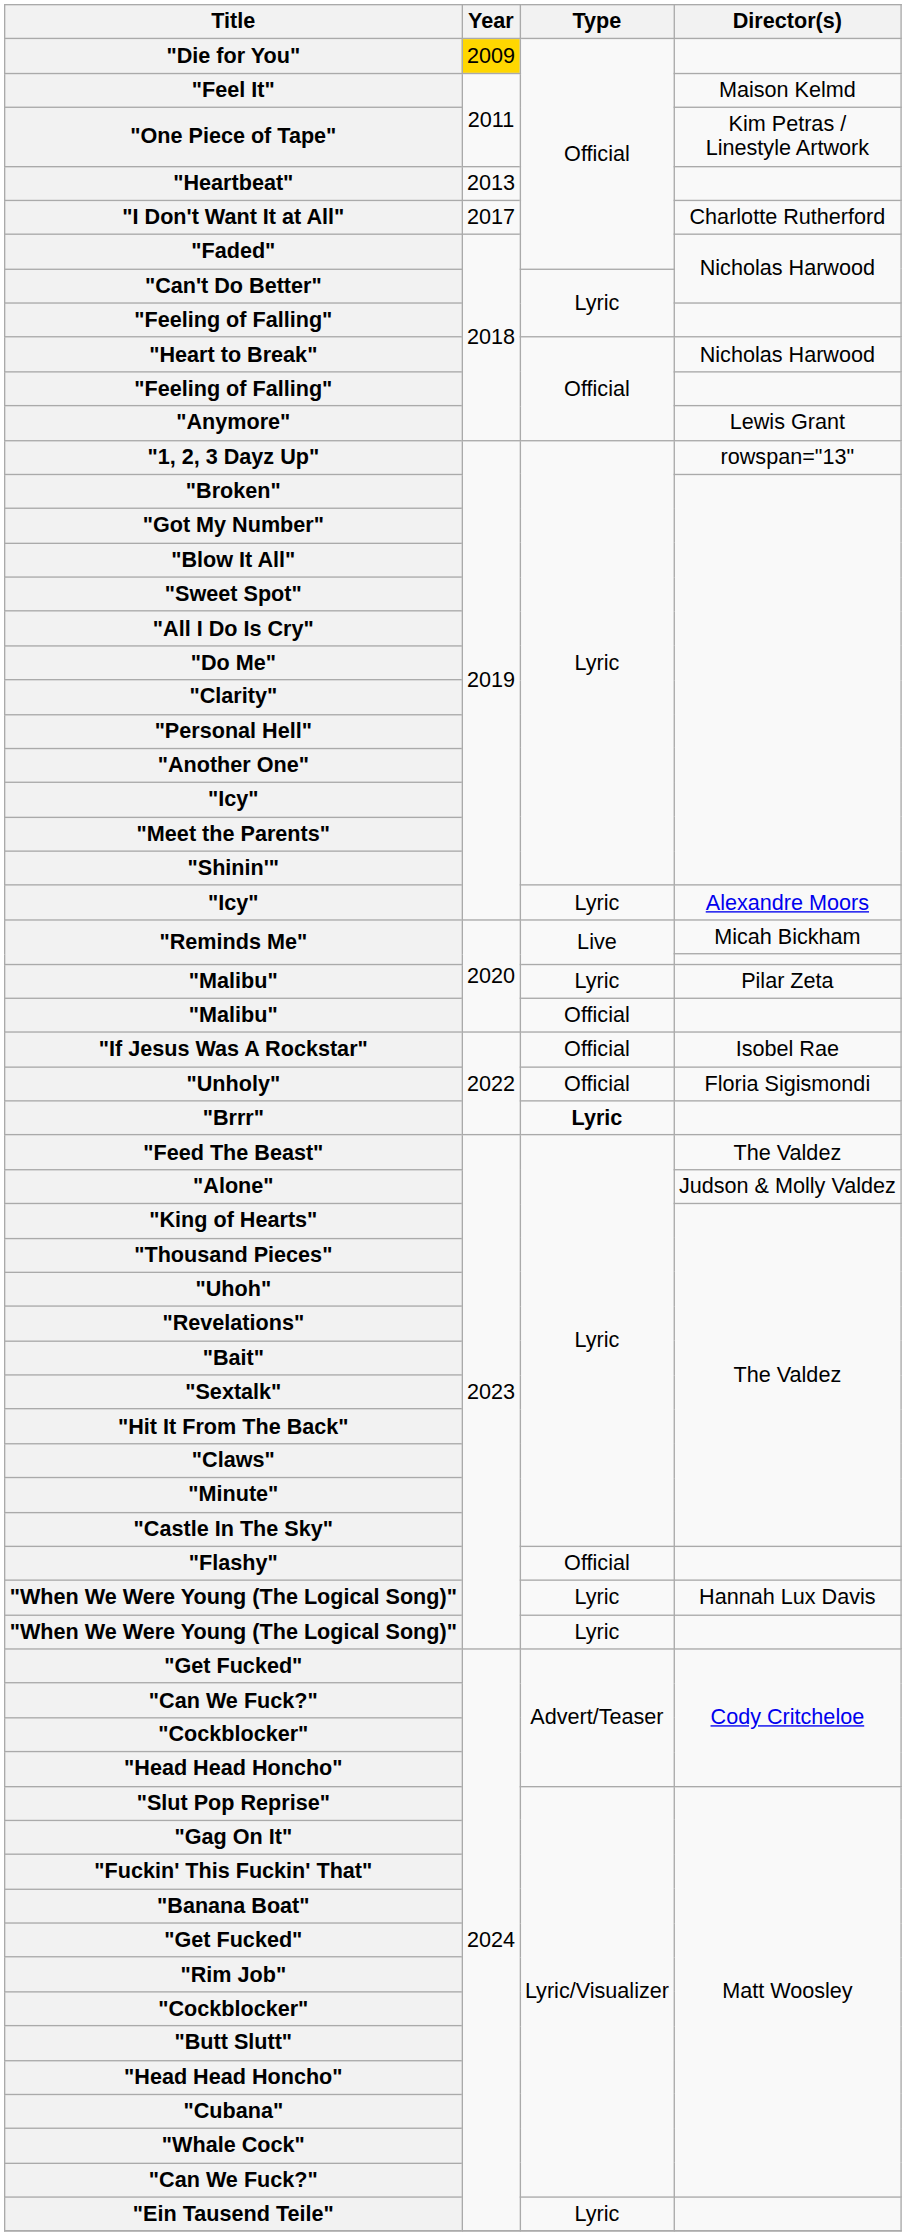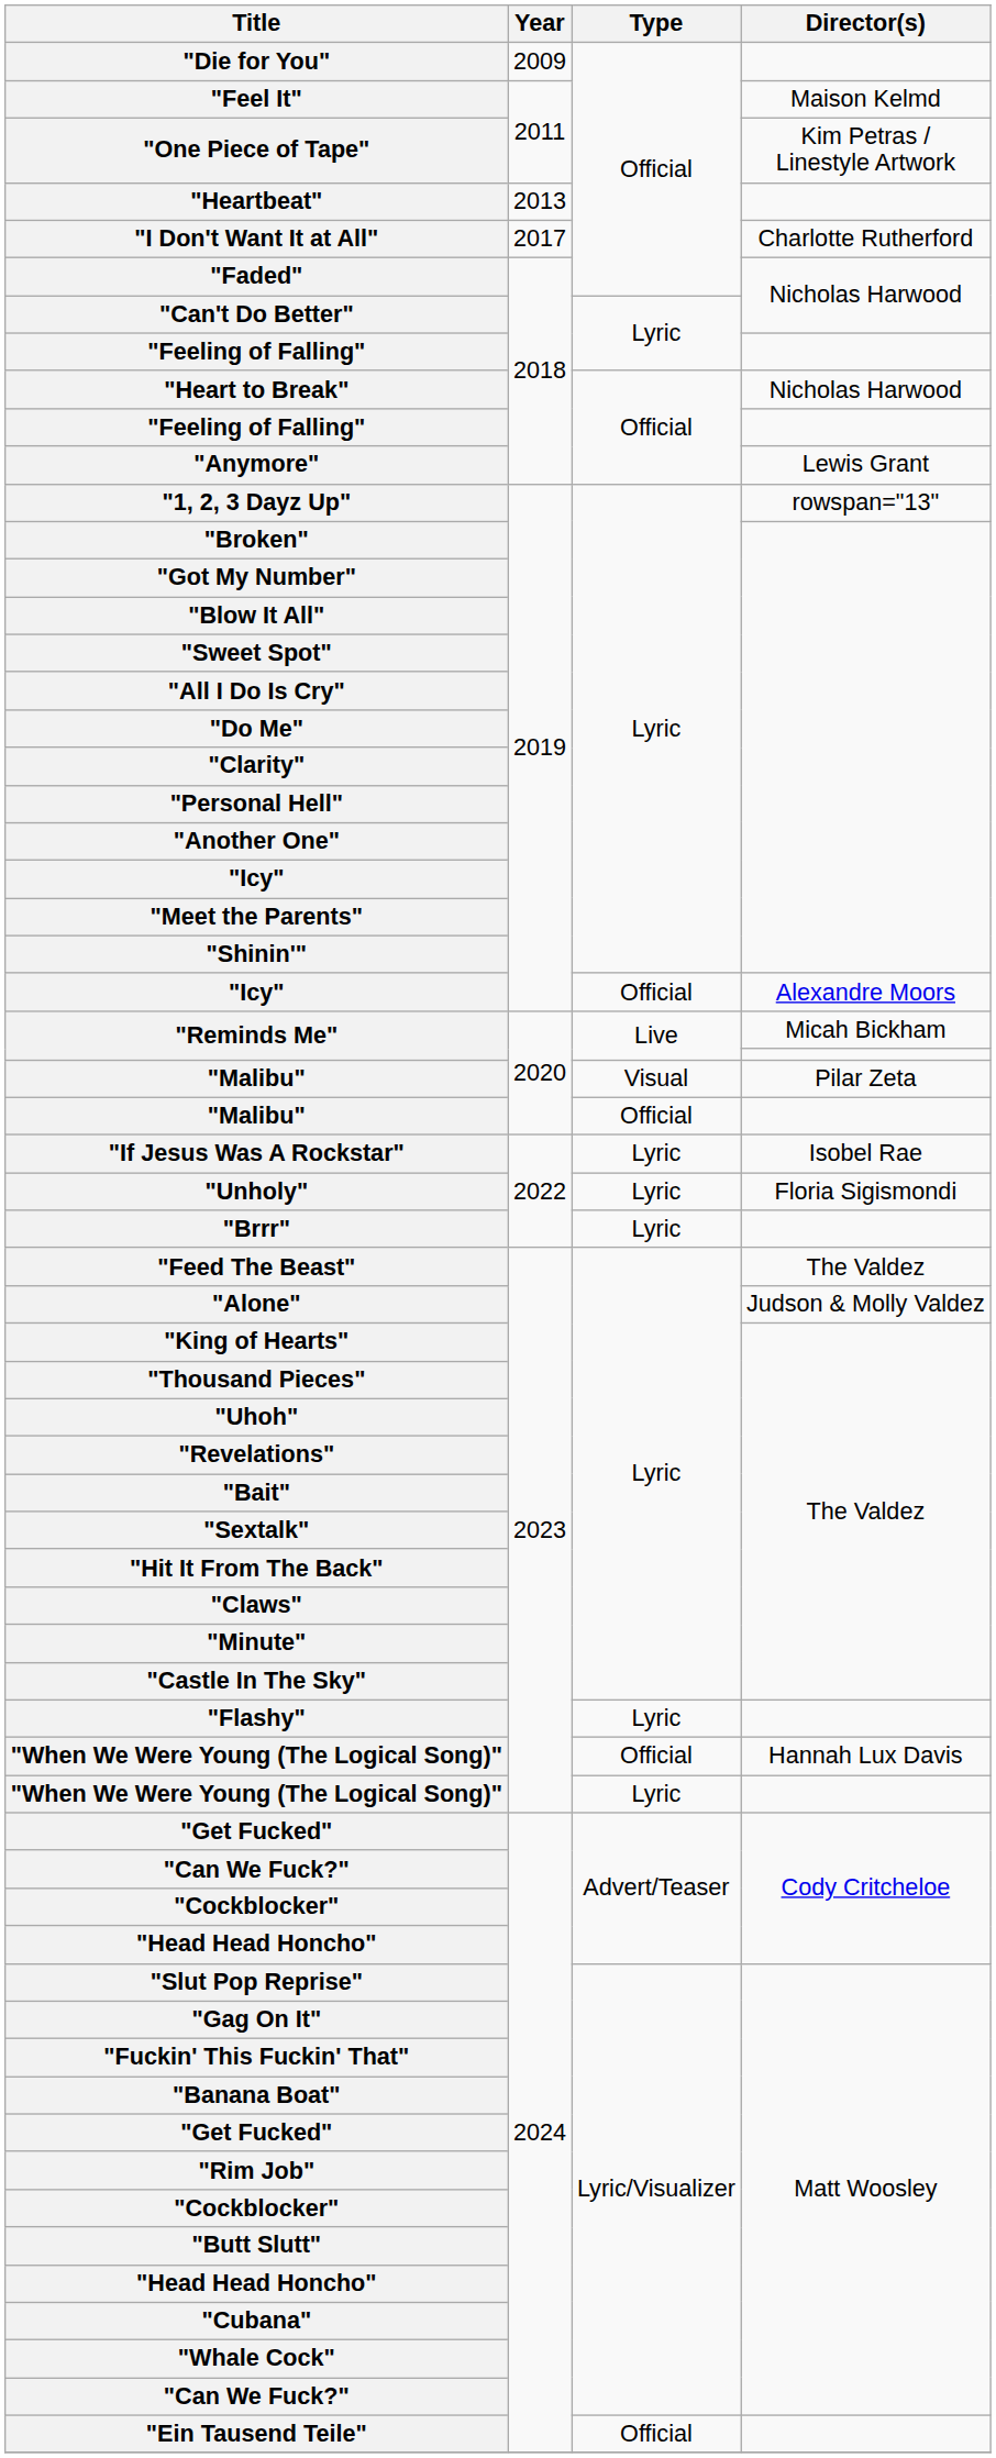 <table class="wikitable plainrowheaders" style="text-align:center;">
 <tr>
 <th>Title</th>
 <th>Year</th>
 <th>Type</th>
 <th>Director(s)</th>
 </tr>
 <tr>
 <th scope="row">"Die for You"</th>
-<td style="background: gold;">2009</td>
+<td>2009</td>
 <td rowspan="6">Official</td>
 <td></td>
 </tr>
 <tr>
 <th scope="row">"Feel It"</th>
 <td rowspan="2">2011</td>
 <td>Maison Kelmd</td>
 </tr>
 <tr>
 <th scope="row">"One Piece of Tape"</th>
 <td>Kim Petras /<br>Linestyle Artwork</td>
 </tr>
 <tr>
 <th scope="row">"Heartbeat"</th>
 <td>2013</td>
 <td></td>
 </tr>
 <tr>
 <th scope="row">"I Don't Want It at All"</th>
 <td>2017</td>
 <td>Charlotte Rutherford</td>
 </tr>
 <tr>
 <th scope="row">"Faded"</th>
 <td rowspan="6">2018</td>
 <td rowspan="2">Nicholas Harwood</td>
 </tr>
 <tr>
 <th scope="row">"Can't Do Better"</th>
 <td rowspan="2">Lyric</td>
 </tr>
 <tr>
 <th scope="row">"Feeling of Falling"<br></th>
 <td></td>
 </tr>
 <tr>
 <th scope="row">"Heart to Break"</th>
 <td rowspan="3">Official</td>
 <td>Nicholas Harwood</td>
 </tr>
 <tr>
 <th scope="row">"Feeling of Falling"<br></th>
 <td></td>
 </tr>
 <tr>
 <th scope="row">"Anymore"<br></th>
 <td>Lewis Grant</td>
 </tr>
 <tr>
 <th scope="row">"1, 2, 3 Dayz Up"<br></th>
 <td rowspan="14">2019</td>
 <td rowspan="13">Lyric</td>
 <td>rowspan="13" </td>
 </tr>
 <tr>
 <th scope="row">"Broken"</th>
 </tr>
 <tr>
 <th scope="row">"Got My Number"</th>
 </tr>
 <tr>
 <th scope="row">"Blow It All"</th>
 </tr>
 <tr>
 <th scope="row">"Sweet Spot"</th>
 </tr>
 <tr>
 <th scope="row">"All I Do Is Cry"</th>
 </tr>
 <tr>
 <th scope="row">"Do Me"</th>
 </tr>
 <tr>
 <th scope="row">"Clarity"</th>
 </tr>
 <tr>
 <th scope="row">"Personal Hell"</th>
 </tr>
 <tr>
 <th scope="row">"Another One"</th>
 </tr>
 <tr>
 <th scope="row">"Icy"</th>
 </tr>
 <tr>
 <th scope="row">"Meet the Parents"</th>
 </tr>
 <tr>
 <th scope="row">"Shinin'"</th>
 </tr>
 <tr>
 <th scope="row">"Icy"</th>
-<td>Lyric</td>
+<td>Official</td>
 <td><a href='#'>Alexandre Moors</a></td>
 </tr>
 <tr>
 <th rowspan="2" scope="row">"Reminds Me"</th>
 <td rowspan="4">2020</td>
 <td rowspan="2">Live</td>
 <td>Micah Bickham</td>
 </tr>
 <tr>
 <td></td>
 </tr>
 <tr>
 <th scope="row">"Malibu"</th>
-<td>Lyric</td>
+<td>Visual</td>
 <td>Pilar Zeta</td>
 </tr>
 <tr>
 <th scope="row">"Malibu"<br></th>
 <td>Official</td>
 <td></td>
 </tr>
 <tr>
 <th scope="row">"If Jesus Was A Rockstar"</th>
 <td rowspan="3">2022</td>
-<td>Official</td>
+<td>Lyric</td>
 <td>Isobel Rae</td>
 </tr>
 <tr>
 <th scope="row">"Unholy"<br></th>
-<td>Official</td>
+<td>Lyric</td>
 <td>Floria Sigismondi</td>
 </tr>
 <tr>
 <th scope="row">"Brrr"</th>
-<td><strong>Lyric</strong></td>
+<td>Lyric</td>
 <td></td>
 </tr>
 <tr>
 <th scope="row">"Feed The Beast"</th>
 <td rowspan="15">2023</td>
 <td rowspan="12">Lyric</td>
 <td>The Valdez</td>
 </tr>
 <tr>
 <th scope="row">"Alone"</th>
 <td>Judson & Molly Valdez</td>
 </tr>
 <tr>
 <th scope="row">"King of Hearts"</th>
 <td rowspan="10">The Valdez</td>
 </tr>
 <tr>
 <th scope="row">"Thousand Pieces"</th>
 </tr>
 <tr>
 <th scope="row">"Uhoh"</th>
 </tr>
 <tr>
 <th scope="row">"Revelations"</th>
 </tr>
 <tr>
 <th scope="row">"Bait"</th>
 </tr>
 <tr>
 <th scope="row">"Sextalk"</th>
 </tr>
 <tr>
 <th scope="row">"Hit It From The Back"</th>
 </tr>
 <tr>
 <th scope="row">"Claws"</th>
 </tr>
 <tr>
 <th scope="row">"Minute"</th>
 </tr>
 <tr>
 <th scope="row">"Castle In The Sky"</th>
 </tr>
 <tr>
 <th scope="row">"Flashy"<br></th>
-<td>Official</td>
+<td>Lyric</td>
 <td></td>
 </tr>
 <tr>
 <th scope="row">"When We Were Young (The Logical Song)"<br></th>
-<td>Lyric</td>
+<td>Official</td>
 <td>Hannah Lux Davis</td>
 </tr>
 <tr>
 <th scope="row">"When We Were Young (The Logical Song)"<br></th>
 <td>Lyric</td>
 <td></td>
 </tr>
 <tr>
 <th scope="row">"Get Fucked"</th>
 <td rowspan="17">2024</td>
 <td rowspan="4">Advert/Teaser</td>
 <td rowspan="4"><a href='#'>Cody Critcheloe</a></td>
 </tr>
 <tr>
 <th scope="row">"Can We Fuck?"</th>
 </tr>
 <tr>
 <th scope="row">"Cockblocker"</th>
 </tr>
 <tr>
 <th scope="row">"Head Head Honcho"</th>
 </tr>
 <tr>
 <th scope="row">"Slut Pop Reprise"</th>
 <td rowspan="12">Lyric/Visualizer</td>
 <td rowspan="12">Matt Woosley</td>
 </tr>
 <tr>
 <th scope="row">"Gag On It"</th>
 </tr>
 <tr>
 <th scope="row">"Fuckin' This Fuckin' That"</th>
 </tr>
 <tr>
 <th scope="row">"Banana Boat"</th>
 </tr>
 <tr>
 <th scope="row">"Get Fucked"</th>
 </tr>
 <tr>
 <th scope="row">"Rim Job"</th>
 </tr>
 <tr>
 <th scope="row">"Cockblocker"</th>
 </tr>
 <tr>
 <th scope="row">"Butt Slutt"</th>
 </tr>
 <tr>
 <th scope="row">"Head Head Honcho"</th>
 </tr>
 <tr>
 <th scope="row">"Cubana"</th>
 </tr>
 <tr>
 <th scope="row">"Whale Cock"</th>
 </tr>
 <tr>
 <th scope="row">"Can We Fuck?"</th>
 </tr>
 <tr>
 <th scope="row">"Ein Tausend Teile"</th>
-<td>Lyric</td>
+<td>Official</td>
 <td></td>
 </tr>
 <tr>
 </tr>
 </table>
